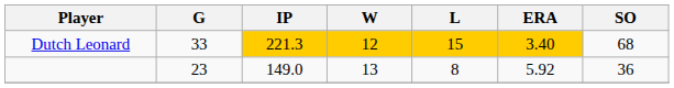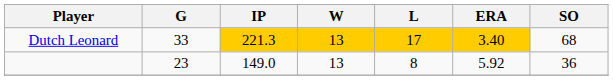 <table class="wikitable sortable">
 <tr>
 <th bgcolor="#DDDDFF" width="16%">Player</th>
 <th bgcolor="#DDDDFF" width="9%">G</th>
 <th bgcolor="#DDDDFF" width="9%">IP</th>
 <th bgcolor="#DDDDFF" width="9%">W</th>
 <th bgcolor="#DDDDFF" width="9%">L</th>
 <th bgcolor="#DDDDFF" width="9%">ERA</th>
 <th bgcolor="#DDDDFF" width="9%">SO</th>
 </tr>
 <tr align="center">
 <td><a href='#'>Dutch Leonard</a></td>
 <td>33</td>
 <td style="background:#fc0;">221.3</td>
-<td style="background:#fc0;">12</td>
-<td style="background:#fc0;">15</td>
+<td style="background:#fc0;">13</td>
+<td style="background:#fc0;">17</td>
 <td style="background:#fc0;">3.40</td>
 <td>68</td>
 </tr>
 <tr align="center">
 <td></td>
 <td>23</td>
 <td>149.0</td>
 <td>13</td>
 <td>8</td>
 <td>5.92</td>
 <td>36</td>
 </tr>
 <tr align="center">
 </tr>
 </table>
